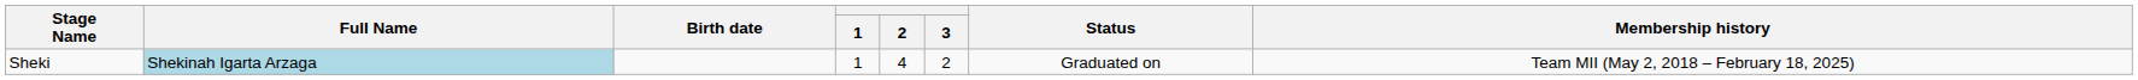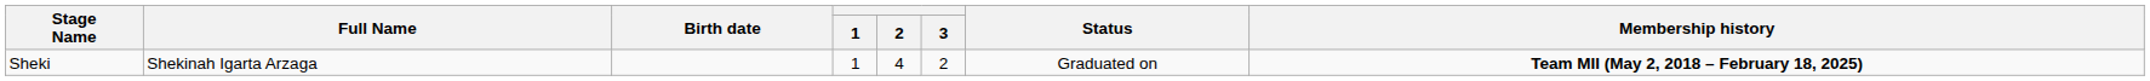 <table class="wikitable sortable" style="font-size:95%;" width="100%">
 <tr>
 <th rowspan="2">Stage<br>Name</th>
 <th rowspan="2">Full Name</th>
 <th rowspan="2">Birth date</th>
 <th colspan="3"></th>
 <th rowspan="2">Status</th>
 <th rowspan="2">Membership history</th>
 </tr>
 <tr>
 <th>1</th>
 <th>2</th>
 <th>3</th>
 </tr>
 <tr>
 <td>Sheki</td>
-<td style="background: lightblue;">Shekinah Igarta Arzaga</td>
+<td>Shekinah Igarta Arzaga</td>
 <td style="text-align:left;"></td>
 <td style="text-align:center;">1</td>
 <td style="text-align:center;">4</td>
 <td style="text-align:center;">2</td>
 <td style="text-align:center;">Graduated on<br></td>
-<td style="text-align:center;">Team MII (May 2, 2018 – February 18, 2025)</td>
+<td style="text-align:center;"><strong>Team MII (May 2, 2018 – February 18, 2025)</strong></td>
 </tr>
 </table>
